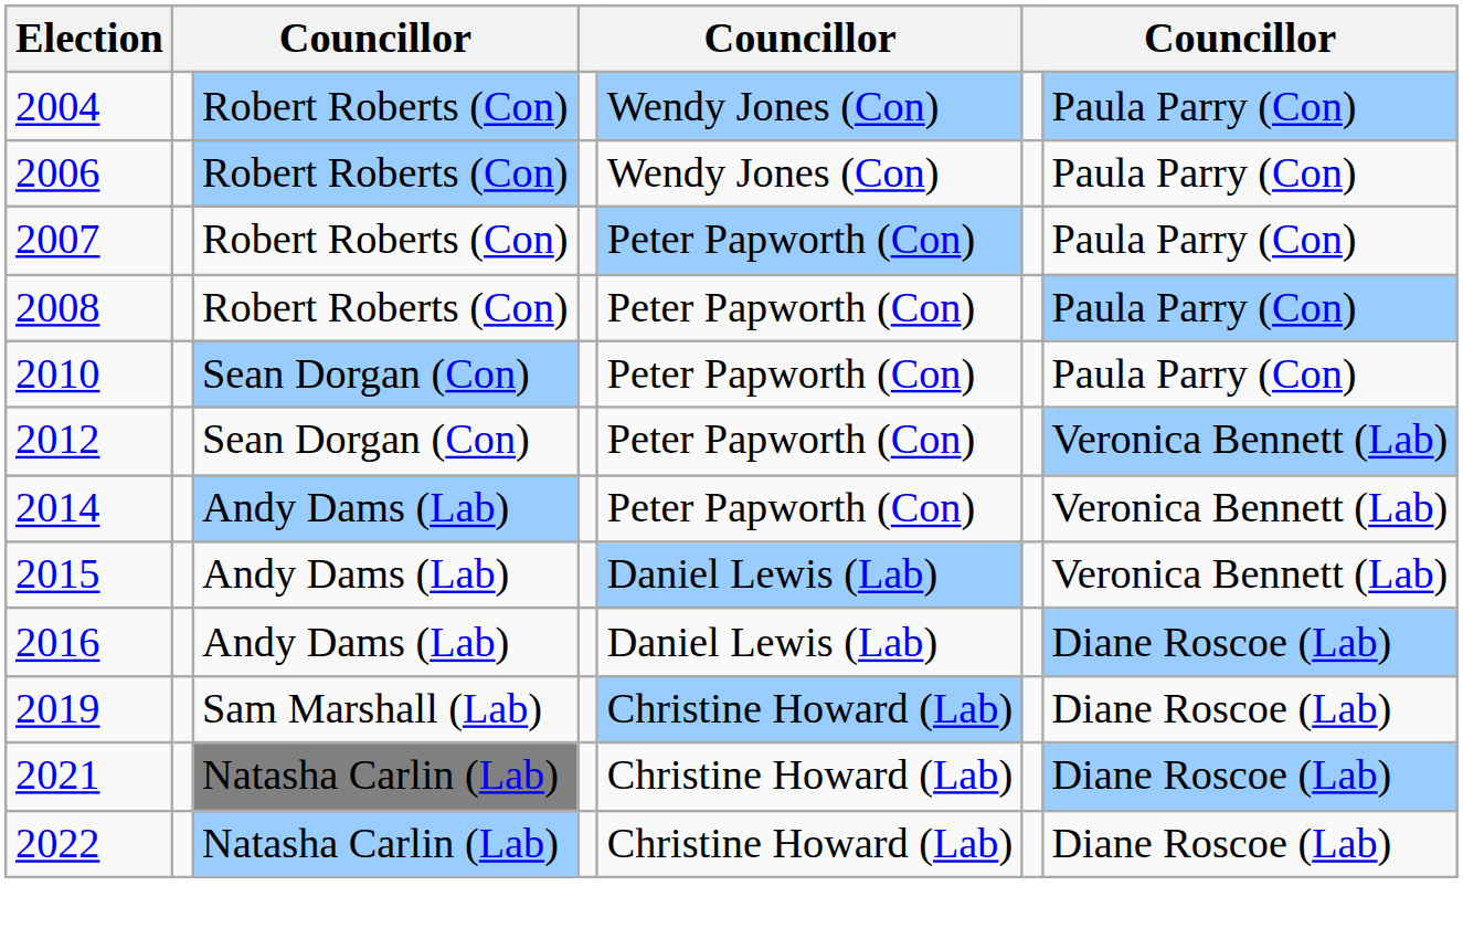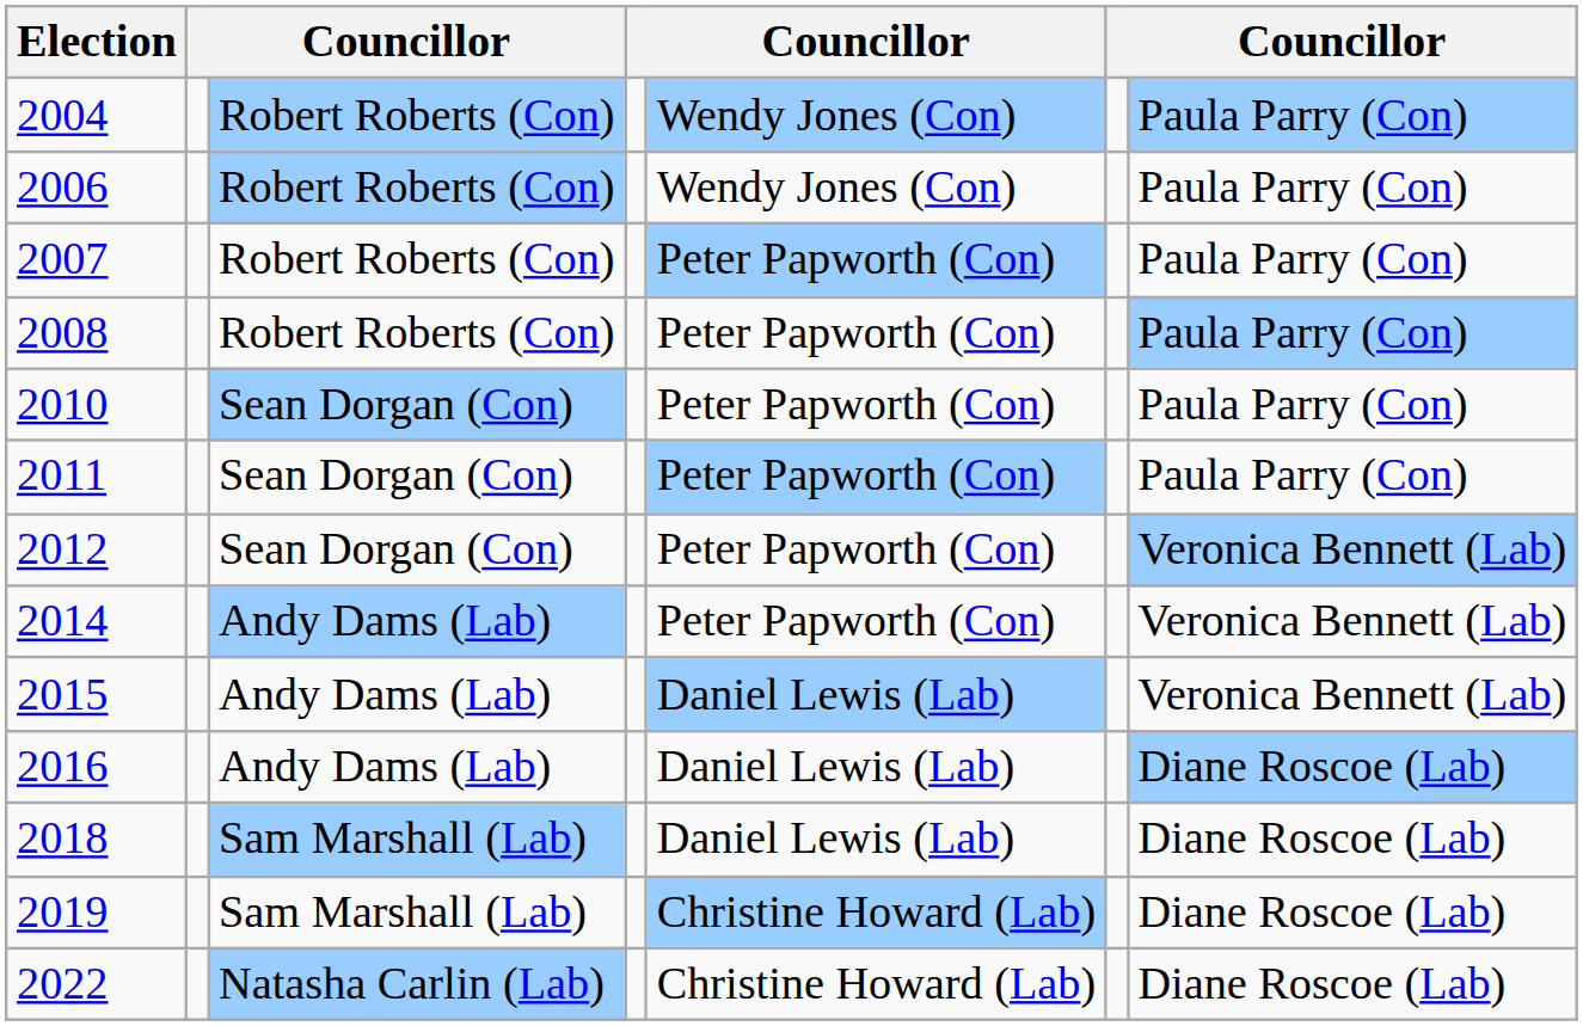 <table class="wikitable">
 <tr>
 <th>Election</th>
 <th colspan="2">Councillor</th>
 <th colspan="2">Councillor</th>
 <th colspan="2">Councillor</th>
 </tr>
 <tr>
 <td><a href='#'>2004</a></td>
 <td style="background-color: "></td>
 <td bgcolor="#99CCFF">Robert Roberts (<a href='#'>Con</a>)</td>
 <td style="background-color: "></td>
 <td bgcolor="#99CCFF">Wendy Jones (<a href='#'>Con</a>)</td>
 <td style="background-color: "></td>
 <td bgcolor="#99CCFF">Paula Parry (<a href='#'>Con</a>)</td>
 </tr>
 <tr>
 <td><a href='#'>2006</a></td>
 <td style="background-color: "></td>
 <td bgcolor="#99CCFF">Robert Roberts (<a href='#'>Con</a>)</td>
 <td style="background-color: "></td>
 <td>Wendy Jones (<a href='#'>Con</a>)</td>
 <td style="background-color: "></td>
 <td>Paula Parry (<a href='#'>Con</a>)</td>
 </tr>
 <tr>
 <td><a href='#'>2007</a></td>
 <td style="background-color: "></td>
 <td>Robert Roberts (<a href='#'>Con</a>)</td>
 <td style="background-color: "></td>
 <td bgcolor="#99CCFF">Peter Papworth (<a href='#'>Con</a>)</td>
 <td style="background-color: "></td>
 <td>Paula Parry (<a href='#'>Con</a>)</td>
 </tr>
 <tr>
 <td><a href='#'>2008</a></td>
 <td style="background-color: "></td>
 <td>Robert Roberts (<a href='#'>Con</a>)</td>
 <td style="background-color: "></td>
 <td>Peter Papworth (<a href='#'>Con</a>)</td>
 <td style="background-color: "></td>
 <td bgcolor="#99CCFF">Paula Parry (<a href='#'>Con</a>)</td>
 </tr>
 <tr>
 <td><a href='#'>2010</a></td>
 <td style="background-color: "></td>
 <td bgcolor="#99CCFF">Sean Dorgan (<a href='#'>Con</a>)</td>
 <td style="background-color: "></td>
 <td>Peter Papworth (<a href='#'>Con</a>)</td>
 <td style="background-color: "></td>
 <td>Paula Parry (<a href='#'>Con</a>)</td>
 </tr>
 <tr>
+<td><a href='#'>2011</a></td>
+<td style="background-color: "></td>
+<td>Sean Dorgan (<a href='#'>Con</a>)</td>
+<td style="background-color: "></td>
+<td bgcolor="#99CCFF">Peter Papworth (<a href='#'>Con</a>)</td>
+<td style="background-color: "></td>
+<td>Paula Parry (<a href='#'>Con</a>)</td>
+</tr>
+<tr>
 <td><a href='#'>2012</a></td>
 <td style="background-color: "></td>
 <td>Sean Dorgan (<a href='#'>Con</a>)</td>
 <td style="background-color: "></td>
 <td>Peter Papworth (<a href='#'>Con</a>)</td>
 <td style="background-color: "></td>
 <td bgcolor="#99CCFF">Veronica Bennett (<a href='#'>Lab</a>)</td>
 </tr>
 <tr>
 <td><a href='#'>2014</a></td>
 <td style="background-color: "></td>
 <td bgcolor="#99CCFF">Andy Dams (<a href='#'>Lab</a>)</td>
 <td style="background-color: "></td>
 <td>Peter Papworth (<a href='#'>Con</a>)</td>
 <td style="background-color: "></td>
 <td>Veronica Bennett (<a href='#'>Lab</a>)</td>
 </tr>
 <tr>
 <td><a href='#'>2015</a></td>
 <td style="background-color: "></td>
 <td>Andy Dams (<a href='#'>Lab</a>)</td>
 <td style="background-color: "></td>
 <td bgcolor="#99CCFF">Daniel Lewis (<a href='#'>Lab</a>)</td>
 <td style="background-color: "></td>
 <td>Veronica Bennett (<a href='#'>Lab</a>)</td>
 </tr>
 <tr>
 <td><a href='#'>2016</a></td>
 <td style="background-color: "></td>
 <td>Andy Dams (<a href='#'>Lab</a>)</td>
 <td style="background-color: "></td>
 <td>Daniel Lewis (<a href='#'>Lab</a>)</td>
 <td style="background-color: "></td>
 <td bgcolor="#99CCFF">Diane Roscoe (<a href='#'>Lab</a>)</td>
 </tr>
 <tr>
+<td><a href='#'>2018</a></td>
+<td style="background-color: "></td>
+<td bgcolor="#99CCFF">Sam Marshall (<a href='#'>Lab</a>)</td>
+<td style="background-color: "></td>
+<td>Daniel Lewis (<a href='#'>Lab</a>)</td>
+<td style="background-color: "></td>
+<td>Diane Roscoe (<a href='#'>Lab</a>)</td>
+</tr>
+<tr>
 <td><a href='#'>2019</a></td>
 <td style="background-color: "></td>
 <td>Sam Marshall (<a href='#'>Lab</a>)</td>
 <td style="background-color: "></td>
 <td bgcolor="#99CCFF">Christine Howard (<a href='#'>Lab</a>)</td>
 <td style="background-color: "></td>
 <td>Diane Roscoe (<a href='#'>Lab</a>)</td>
-</tr>
-<tr>
-<td><a href='#'>2021</a></td>
-<td style="background-color: "></td>
-<td bgcolor="#808080">Natasha Carlin (<a href='#'>Lab</a>)</td>
-<td style="background-color: "></td>
-<td>Christine Howard (<a href='#'>Lab</a>)</td>
-<td style="background-color: "></td>
-<td bgcolor="#99CCFF">Diane Roscoe (<a href='#'>Lab</a>)</td>
 </tr>
 <tr>
 <td><a href='#'>2022</a></td>
 <td style="background-color: "></td>
 <td bgcolor="#99CCFF">Natasha Carlin (<a href='#'>Lab</a>)</td>
 <td style="background-color: "></td>
 <td>Christine Howard (<a href='#'>Lab</a>)</td>
 <td style="background-color: "></td>
 <td>Diane Roscoe (<a href='#'>Lab</a>)</td>
 </tr>
 </table>
